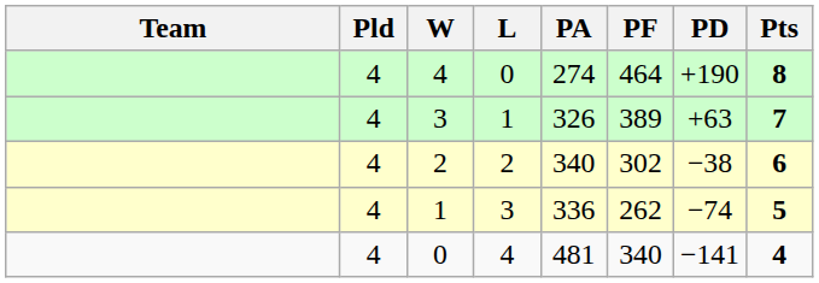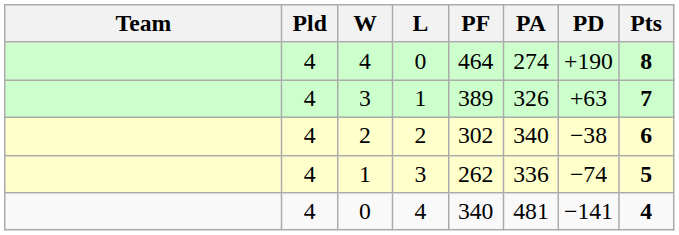 <table class="wikitable" style="text-align:center;">
 <tr>
 <th width=180>Team</th>
 <th width=30>Pld</th>
 <th width=30>W</th>
 <th width=30>L</th>
+<th width=30>PF</th>
 <th width=30>PA</th>
-<th width=30>PF</th>
 <th width=30>PD</th>
 <th width=30>Pts</th>
 </tr>
 <tr bgcolor="#ccffcc">
 <td align="left"></td>
 <td>4</td>
 <td>4</td>
 <td>0</td>
+<td>464</td>
 <td>274</td>
-<td>464</td>
 <td>+190</td>
 <td><strong>8</strong></td>
 </tr>
 <tr bgcolor="#ccffcc">
 <td align="left"></td>
 <td>4</td>
 <td>3</td>
 <td>1</td>
+<td>389</td>
 <td>326</td>
-<td>389</td>
 <td>+63</td>
 <td><strong>7</strong></td>
 </tr>
 <tr bgcolor="ffffcc">
 <td align="left"></td>
 <td>4</td>
 <td>2</td>
 <td>2</td>
+<td>302</td>
 <td>340</td>
-<td>302</td>
 <td>−38</td>
 <td><strong>6</strong></td>
 </tr>
 <tr bgcolor="ffffcc">
 <td align="left"></td>
 <td>4</td>
 <td>1</td>
 <td>3</td>
+<td>262</td>
 <td>336</td>
-<td>262</td>
 <td>−74</td>
 <td><strong>5</strong></td>
 </tr>
 <tr>
 <td align="left"></td>
 <td>4</td>
 <td>0</td>
 <td>4</td>
+<td>340</td>
 <td>481</td>
-<td>340</td>
 <td>−141</td>
 <td><strong>4</strong></td>
 </tr>
 </table>
